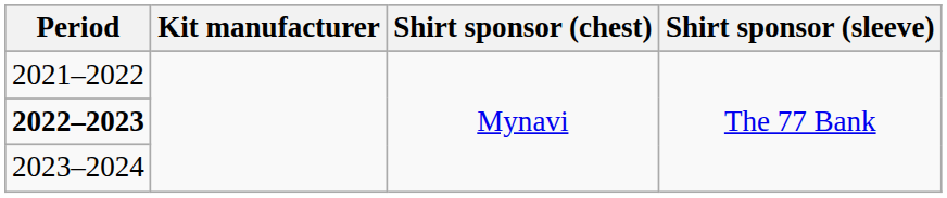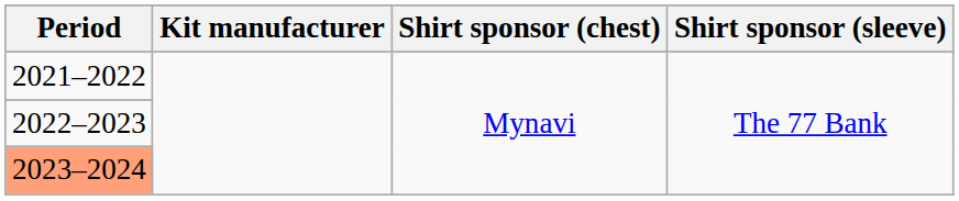 <table class="wikitable" style="text-align:center">
 <tr>
 <th>Period</th>
 <th>Kit manufacturer</th>
 <th>Shirt sponsor (chest)</th>
 <th>Shirt sponsor (sleeve)</th>
 </tr>
 <tr>
 <td>2021–2022</td>
 <td rowspan="3"></td>
 <td rowspan="3"><a href='#'>Mynavi</a></td>
 <td rowspan="3"><a href='#'>The 77 Bank</a></td>
 </tr>
 <tr>
-<td><strong>2022–2023</strong></td>
+<td>2022–2023</td>
 </tr>
 <tr>
-<td>2023–2024</td>
+<td style="background: lightsalmon;">2023–2024</td>
 </tr>
 </table>
